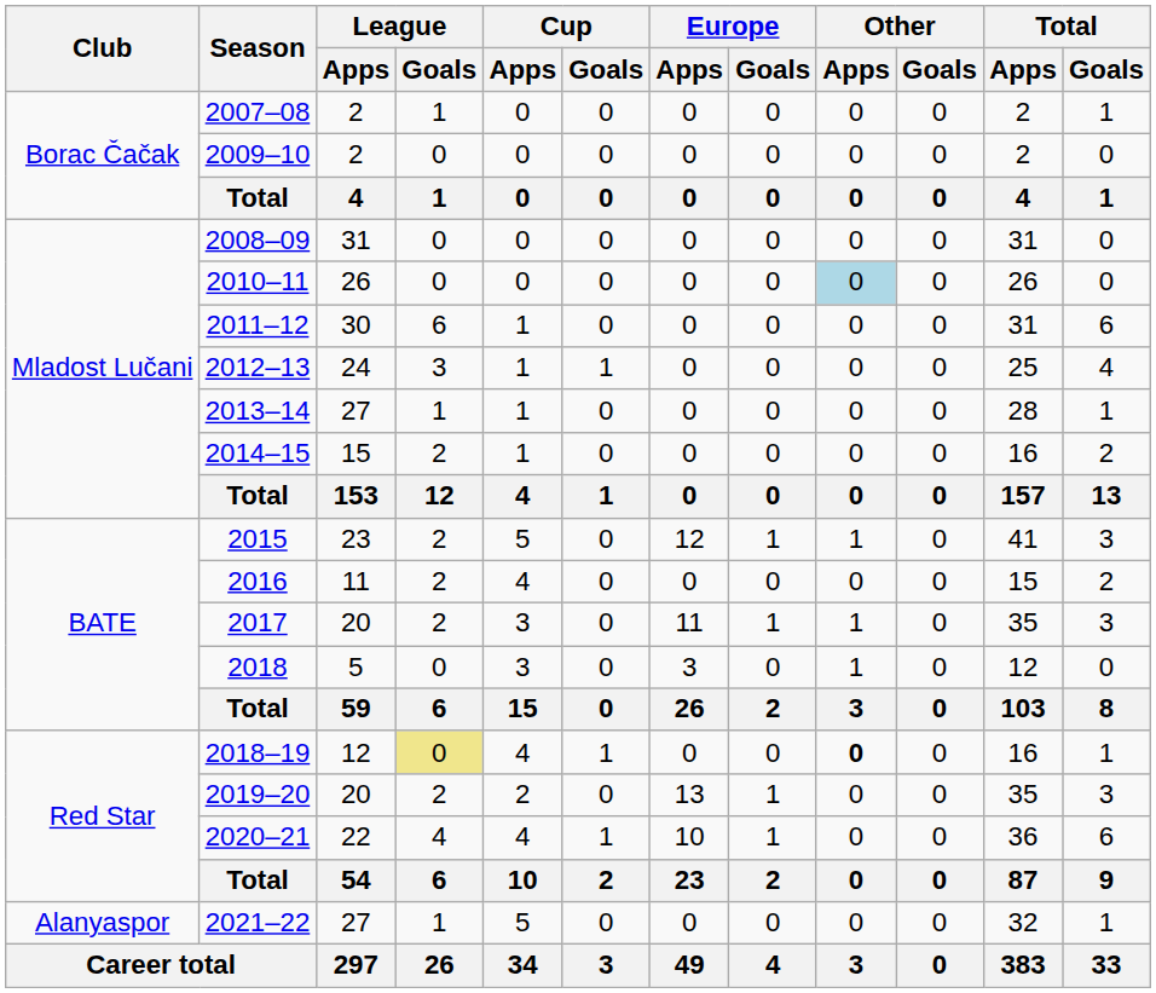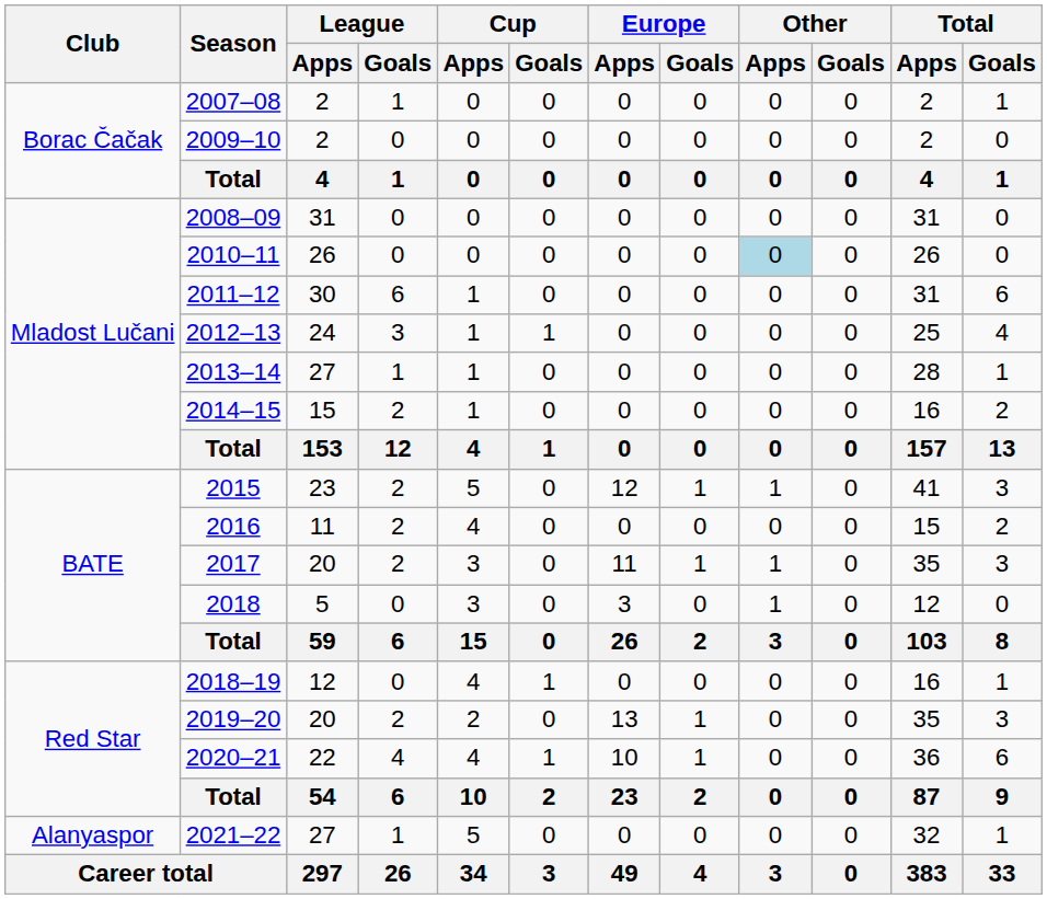 <table class="wikitable" style="text-align: center;">
 <tr>
 <th rowspan="2">Club</th>
 <th rowspan="2">Season</th>
 <th colspan="2">League</th>
 <th colspan="2">Cup</th>
 <th colspan="2"><a href='#'>Europe</a></th>
 <th colspan="2">Other</th>
 <th colspan="2">Total</th>
 </tr>
 <tr>
 <th>Apps</th>
 <th>Goals</th>
 <th>Apps</th>
 <th>Goals</th>
 <th>Apps</th>
 <th>Goals</th>
 <th>Apps</th>
 <th>Goals</th>
 <th>Apps</th>
 <th>Goals</th>
 </tr>
 <tr>
 <td rowspan="3"><a href='#'>Borac Čačak</a></td>
 <td><a href='#'>2007–08</a></td>
 <td>2</td>
 <td>1</td>
 <td>0</td>
 <td>0</td>
 <td>0</td>
 <td>0</td>
 <td>0</td>
 <td>0</td>
 <td>2</td>
 <td>1</td>
 </tr>
 <tr>
 <td><a href='#'>2009–10</a></td>
 <td>2</td>
 <td>0</td>
 <td>0</td>
 <td>0</td>
 <td>0</td>
 <td>0</td>
 <td>0</td>
 <td>0</td>
 <td>2</td>
 <td>0</td>
 </tr>
 <tr>
 <th>Total</th>
 <th>4</th>
 <th>1</th>
 <th>0</th>
 <th>0</th>
 <th>0</th>
 <th>0</th>
 <th>0</th>
 <th>0</th>
 <th>4</th>
 <th>1</th>
 </tr>
 <tr>
 <td rowspan="7"><a href='#'>Mladost Lučani</a></td>
 <td><a href='#'>2008–09</a></td>
 <td>31</td>
 <td>0</td>
 <td>0</td>
 <td>0</td>
 <td>0</td>
 <td>0</td>
 <td>0</td>
 <td>0</td>
 <td>31</td>
 <td>0</td>
 </tr>
 <tr>
 <td><a href='#'>2010–11</a></td>
 <td>26</td>
 <td>0</td>
 <td>0</td>
 <td>0</td>
 <td>0</td>
 <td>0</td>
 <td style="background: lightblue;">0</td>
 <td>0</td>
 <td>26</td>
 <td>0</td>
 </tr>
 <tr>
 <td><a href='#'>2011–12</a></td>
 <td>30</td>
 <td>6</td>
 <td>1</td>
 <td>0</td>
 <td>0</td>
 <td>0</td>
 <td>0</td>
 <td>0</td>
 <td>31</td>
 <td>6</td>
 </tr>
 <tr>
 <td><a href='#'>2012–13</a></td>
 <td>24</td>
 <td>3</td>
 <td>1</td>
 <td>1</td>
 <td>0</td>
 <td>0</td>
 <td>0</td>
 <td>0</td>
 <td>25</td>
 <td>4</td>
 </tr>
 <tr>
 <td><a href='#'>2013–14</a></td>
 <td>27</td>
 <td>1</td>
 <td>1</td>
 <td>0</td>
 <td>0</td>
 <td>0</td>
 <td>0</td>
 <td>0</td>
 <td>28</td>
 <td>1</td>
 </tr>
 <tr>
 <td><a href='#'>2014–15</a></td>
 <td>15</td>
 <td>2</td>
 <td>1</td>
 <td>0</td>
 <td>0</td>
 <td>0</td>
 <td>0</td>
 <td>0</td>
 <td>16</td>
 <td>2</td>
 </tr>
 <tr>
 <th>Total</th>
 <th>153</th>
 <th>12</th>
 <th>4</th>
 <th>1</th>
 <th>0</th>
 <th>0</th>
 <th>0</th>
 <th>0</th>
 <th>157</th>
 <th>13</th>
 </tr>
 <tr>
 <td rowspan="5"><a href='#'>BATE</a></td>
 <td><a href='#'>2015</a></td>
 <td>23</td>
 <td>2</td>
 <td>5</td>
 <td>0</td>
 <td>12</td>
 <td>1</td>
 <td>1</td>
 <td>0</td>
 <td>41</td>
 <td>3</td>
 </tr>
 <tr>
 <td><a href='#'>2016</a></td>
 <td>11</td>
 <td>2</td>
 <td>4</td>
 <td>0</td>
 <td>0</td>
 <td>0</td>
 <td>0</td>
 <td>0</td>
 <td>15</td>
 <td>2</td>
 </tr>
 <tr>
 <td><a href='#'>2017</a></td>
 <td>20</td>
 <td>2</td>
 <td>3</td>
 <td>0</td>
 <td>11</td>
 <td>1</td>
 <td>1</td>
 <td>0</td>
 <td>35</td>
 <td>3</td>
 </tr>
 <tr>
 <td><a href='#'>2018</a></td>
 <td>5</td>
 <td>0</td>
 <td>3</td>
 <td>0</td>
 <td>3</td>
 <td>0</td>
 <td>1</td>
 <td>0</td>
 <td>12</td>
 <td>0</td>
 </tr>
 <tr>
 <th>Total</th>
 <th>59</th>
 <th>6</th>
 <th>15</th>
 <th>0</th>
 <th>26</th>
 <th>2</th>
 <th>3</th>
 <th>0</th>
 <th>103</th>
 <th>8</th>
 </tr>
 <tr>
 <td rowspan="4"><a href='#'>Red Star</a></td>
 <td><a href='#'>2018–19</a></td>
 <td>12</td>
-<td style="background: khaki;">0</td>
+<td>0</td>
 <td>4</td>
 <td>1</td>
 <td>0</td>
 <td>0</td>
-<td><strong>0</strong></td>
+<td>0</td>
 <td>0</td>
 <td>16</td>
 <td>1</td>
 </tr>
 <tr>
 <td><a href='#'>2019–20</a></td>
 <td>20</td>
 <td>2</td>
 <td>2</td>
 <td>0</td>
 <td>13</td>
 <td>1</td>
 <td>0</td>
 <td>0</td>
 <td>35</td>
 <td>3</td>
 </tr>
 <tr>
 <td><a href='#'>2020–21</a></td>
 <td>22</td>
 <td>4</td>
 <td>4</td>
 <td>1</td>
 <td>10</td>
 <td>1</td>
 <td>0</td>
 <td>0</td>
 <td>36</td>
 <td>6</td>
 </tr>
 <tr>
 <th>Total</th>
 <th>54</th>
 <th>6</th>
 <th>10</th>
 <th>2</th>
 <th>23</th>
 <th>2</th>
 <th>0</th>
 <th>0</th>
 <th>87</th>
 <th>9</th>
 </tr>
 <tr>
 <td rowspan="1"><a href='#'>Alanyaspor</a></td>
 <td><a href='#'>2021–22</a></td>
 <td>27</td>
 <td>1</td>
 <td>5</td>
 <td>0</td>
 <td>0</td>
 <td>0</td>
 <td>0</td>
 <td>0</td>
 <td>32</td>
 <td>1</td>
 </tr>
 <tr>
 <th colspan=2>Career total</th>
 <th>297</th>
 <th>26</th>
 <th>34</th>
 <th>3</th>
 <th>49</th>
 <th>4</th>
 <th>3</th>
 <th>0</th>
 <th>383</th>
 <th>33</th>
 </tr>
 </table>
